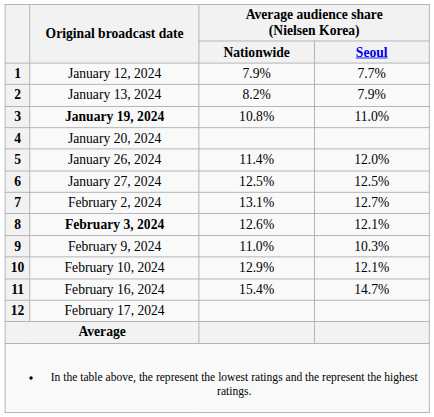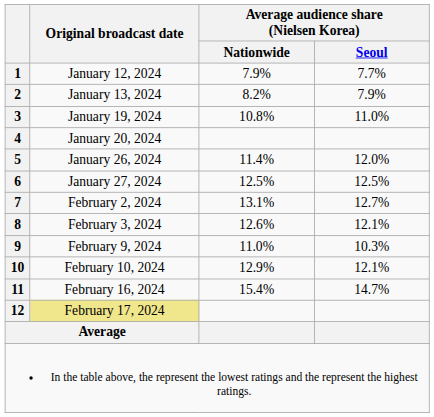 <table class="wikitable" style="margin-left:auto; margin-right:auto; width:500px; text-align:center">
 <tr>
 <th scope="col" rowspan="2"></th>
 <th scope="col" rowspan="2">Original broadcast date</th>
 <th scope="col" colspan="2">Average audience share<br>(Nielsen Korea)</th>
 </tr>
 <tr>
 <th scope="col" style="width:8em">Nationwide</th>
 <th scope="col" style="width:8em"><a href='#'>Seoul</a></th>
 </tr>
 <tr>
 <th scope="col">1</th>
 <td>January 12, 2024</td>
 <td>7.9% </td>
 <td>7.7% </td>
 </tr>
 <tr>
 <th scope="col">2</th>
 <td>January 13, 2024</td>
 <td>8.2% </td>
 <td>7.9% </td>
 </tr>
 <tr>
 <th scope="col">3</th>
-<td><strong>January 19, 2024</strong></td>
+<td>January 19, 2024</td>
 <td>10.8% </td>
 <td>11.0% </td>
 </tr>
 <tr>
 <th scope="col">4</th>
 <td>January 20, 2024</td>
 <td><strong></strong> </td>
 <td><strong></strong> </td>
 </tr>
 <tr>
 <th scope="col">5</th>
 <td>January 26, 2024</td>
 <td>11.4% </td>
 <td>12.0% </td>
 </tr>
 <tr>
 <th scope="col">6</th>
 <td>January 27, 2024</td>
 <td>12.5% </td>
 <td>12.5% </td>
 </tr>
 <tr>
 <th scope="col">7</th>
 <td>February 2, 2024</td>
 <td>13.1% </td>
 <td>12.7% </td>
 </tr>
 <tr>
 <th scope="col">8</th>
-<td><strong>February 3, 2024</strong></td>
+<td>February 3, 2024</td>
 <td>12.6% </td>
 <td>12.1% </td>
 </tr>
 <tr>
 <th scope="col">9</th>
 <td>February 9, 2024</td>
 <td>11.0% </td>
 <td>10.3% </td>
 </tr>
 <tr>
 <th scope="col">10</th>
 <td>February 10, 2024</td>
 <td>12.9% </td>
 <td>12.1% </td>
 </tr>
 <tr>
 <th scope="col">11</th>
 <td>February 16, 2024</td>
 <td>15.4% </td>
 <td>14.7% </td>
 </tr>
 <tr>
 <th scope="col">12</th>
-<td>February 17, 2024</td>
+<td style="background: khaki;">February 17, 2024</td>
 <td><strong></strong> </td>
 <td><strong></strong> </td>
 </tr>
 <tr>
 <th scope="col" colspan="2">Average</th>
 <th scope="col"></th>
 <th scope="col"></th>
 </tr>
 <tr>
 <td colspan="4" style="font-size:85%"><br><ul><li>In the table above, the <strong></strong> represent the lowest ratings and the <strong></strong> represent the highest ratings.</li></ul></td>
 </tr>
 </table>
